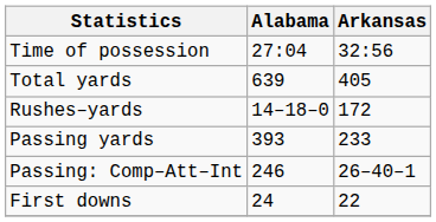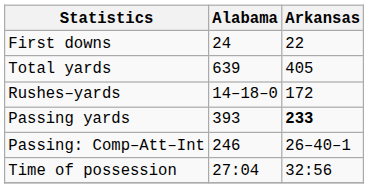 <table class="wikitable" style="float: left;">
 <tr>
 <th>Statistics</th>
 <th>Alabama</th>
 <th>Arkansas</th>
 </tr>
 <tr>
-<td>Time of possession</td>
-<td>27:04</td>
-<td>32:56</td>
+<td>First downs</td>
+<td>24</td>
+<td>22</td>
 </tr>
 <tr>
 <td>Total yards</td>
 <td>639</td>
 <td>405</td>
 </tr>
 <tr>
 <td>Rushes–yards</td>
 <td>14–18–0</td>
 <td>172</td>
 </tr>
 <tr>
 <td>Passing yards</td>
 <td>393</td>
-<td>233</td>
+<td><strong>233</strong></td>
 </tr>
 <tr>
 <td>Passing: Comp–Att–Int</td>
 <td>246</td>
 <td>26–40–1</td>
 </tr>
 <tr>
-<td>First downs</td>
-<td>24</td>
-<td>22</td>
+<td>Time of possession</td>
+<td>27:04</td>
+<td>32:56</td>
 </tr>
 <tr>
 </tr>
 </table>
